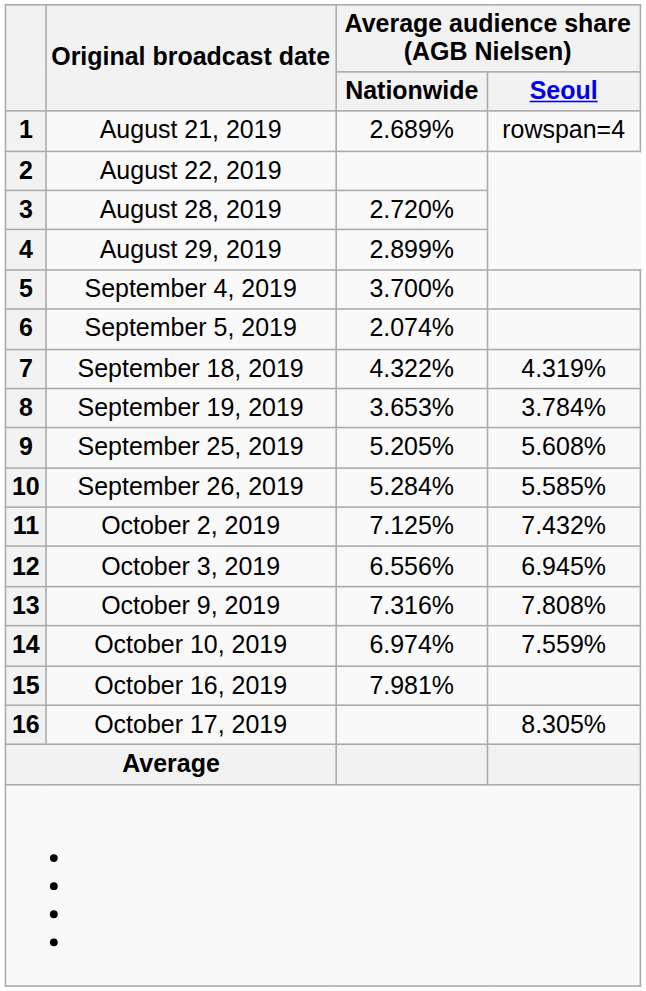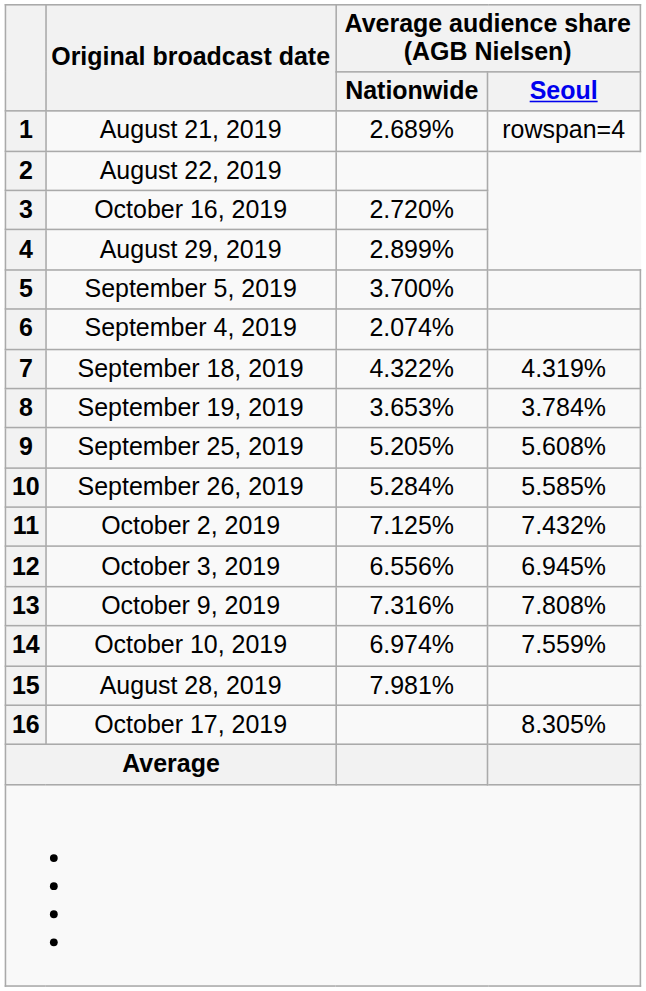 <table class="wikitable" style="text-align:center; margin-left: auto; margin-right: auto; border: none;">
 <tr>
 </tr>
 <tr>
 <th rowspan="2"></th>
 <th rowspan="2">Original broadcast date</th>
 <th colspan="2">Average audience share<br>(AGB Nielsen)</th>
 </tr>
 <tr>
 <th width="90">Nationwide</th>
 <th width="90"><a href='#'>Seoul</a></th>
 </tr>
 <tr>
 <th>1</th>
 <td>August 21, 2019</td>
 <td>2.689% </td>
 <td>rowspan=4 </td>
 </tr>
 <tr>
 <th>2</th>
 <td>August 22, 2019</td>
 <td> </td>
 </tr>
 <tr>
 <th>3</th>
-<td>August 28, 2019</td>
+<td>October 16, 2019</td>
 <td>2.720% </td>
 </tr>
 <tr>
 <th>4</th>
 <td>August 29, 2019</td>
 <td>2.899% </td>
 </tr>
 <tr>
 <th>5</th>
-<td>September 4, 2019</td>
+<td>September 5, 2019</td>
 <td>3.700% </td>
 <td> </td>
 </tr>
 <tr>
 <th>6</th>
-<td>September 5, 2019</td>
+<td>September 4, 2019</td>
 <td>2.074% </td>
 <td></td>
 </tr>
 <tr>
 <th>7</th>
 <td>September 18, 2019</td>
 <td>4.322% </td>
 <td>4.319% </td>
 </tr>
 <tr>
 <th>8</th>
 <td>September 19, 2019</td>
 <td>3.653% </td>
 <td>3.784% </td>
 </tr>
 <tr>
 <th>9</th>
 <td>September 25, 2019</td>
 <td>5.205% </td>
 <td>5.608% </td>
 </tr>
 <tr>
 <th>10</th>
 <td>September 26, 2019</td>
 <td>5.284% </td>
 <td>5.585% </td>
 </tr>
 <tr>
 <th>11</th>
 <td>October 2, 2019</td>
 <td>7.125% </td>
 <td>7.432% </td>
 </tr>
 <tr>
 <th>12</th>
 <td>October 3, 2019</td>
 <td>6.556% </td>
 <td>6.945% </td>
 </tr>
 <tr>
 <th>13</th>
 <td>October 9, 2019</td>
 <td>7.316% </td>
 <td>7.808% </td>
 </tr>
 <tr>
 <th>14</th>
 <td>October 10, 2019</td>
 <td>6.974% </td>
 <td>7.559% </td>
 </tr>
 <tr>
 <th>15</th>
-<td>October 16, 2019</td>
+<td>August 28, 2019</td>
 <td>7.981% </td>
 <td> </td>
 </tr>
 <tr>
 <th>16</th>
 <td>October 17, 2019</td>
 <td> </td>
 <td>8.305% </td>
 </tr>
 <tr>
 <th colspan="2">Average</th>
 <th></th>
 <th></th>
 </tr>
 <tr>
 <td colspan="6"><br><ul><li></li><li></li><li></li><li></li></ul></td>
 </tr>
 </table>
